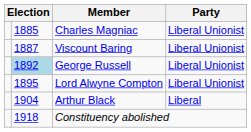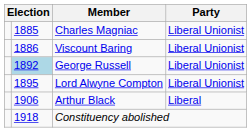 <table class="wikitable">
 <tr>
 <th colspan="2">Election</th>
 <th>Member</th>
 <th>Party</th>
 </tr>
 <tr>
 <td style="color:inherit;background-color: "></td>
 <td><a href='#'>1885</a></td>
 <td><a href='#'>Charles Magniac</a></td>
 <td><a href='#'>Liberal Unionist</a></td>
 </tr>
 <tr>
 <td style="color:inherit;background-color: "></td>
-<td><a href='#'>1887</a></td>
+<td><a href='#'>1886</a></td>
 <td><a href='#'>Viscount Baring</a></td>
 <td><a href='#'>Liberal Unionist</a></td>
 </tr>
 <tr>
 <td style="color:inherit;background-color: "></td>
 <td style="background: lightblue;"><a href='#'>1892</a></td>
 <td><a href='#'>George Russell</a></td>
 <td><a href='#'>Liberal Unionist</a></td>
 </tr>
 <tr>
 <td style="color:inherit;background-color: "></td>
 <td><a href='#'>1895</a></td>
 <td><a href='#'>Lord Alwyne Compton</a></td>
 <td><a href='#'>Liberal Unionist</a></td>
 </tr>
 <tr>
 <td style="color:inherit;background-color: "></td>
-<td><a href='#'>1904</a></td>
+<td><a href='#'>1906</a></td>
 <td><a href='#'>Arthur Black</a></td>
 <td><a href='#'>Liberal</a></td>
 </tr>
 <tr>
 <td></td>
 <td><a href='#'>1918</a></td>
 <td colspan="2"><em>Constituency abolished</em></td>
 </tr>
 </table>
